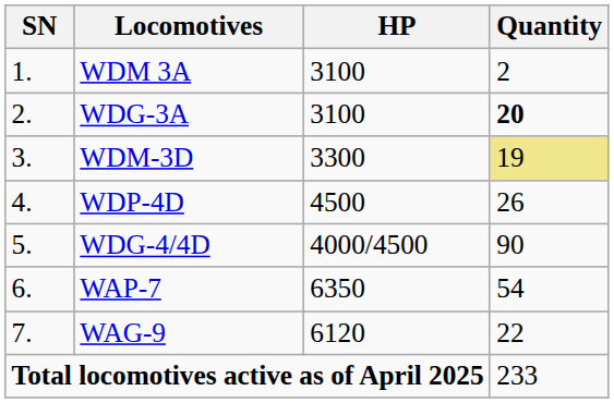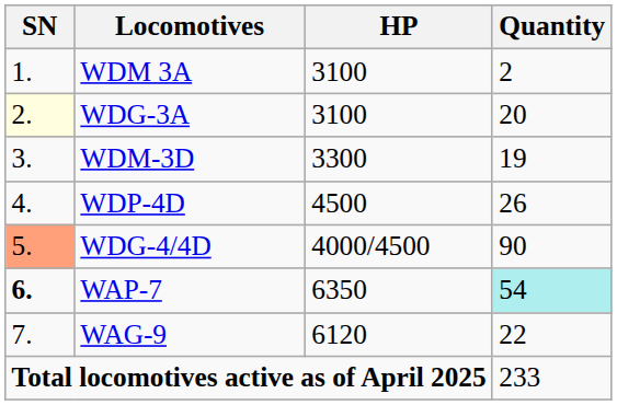 <table class="wikitable">
 <tr>
 <th>SN</th>
 <th>Locomotives</th>
 <th>HP</th>
 <th>Quantity</th>
 </tr>
 <tr>
 <td>1.</td>
 <td><a href='#'>WDM 3A</a></td>
 <td>3100</td>
 <td>2</td>
 </tr>
 <tr>
-<td>2.</td>
+<td style="background: lightyellow;">2.</td>
 <td><a href='#'>WDG-3A</a></td>
 <td>3100</td>
-<td><strong>20</strong></td>
+<td>20</td>
 </tr>
 <tr>
 <td>3.</td>
 <td><a href='#'>WDM-3D</a></td>
 <td>3300</td>
-<td style="background: khaki;">19</td>
+<td>19</td>
 </tr>
 <tr>
 <td>4.</td>
 <td><a href='#'>WDP-4D</a></td>
 <td>4500</td>
 <td>26</td>
 </tr>
 <tr>
-<td>5.</td>
+<td style="background: lightsalmon;">5.</td>
 <td><a href='#'>WDG-4/4D</a></td>
 <td>4000/4500</td>
 <td>90</td>
 </tr>
 <tr>
-<td>6.</td>
+<td><strong>6.</strong></td>
 <td><a href='#'>WAP-7</a></td>
 <td>6350</td>
-<td>54</td>
+<td style="background: paleturquoise;">54</td>
 </tr>
 <tr>
 <td>7.</td>
 <td><a href='#'>WAG-9</a></td>
 <td>6120</td>
 <td>22</td>
 </tr>
 <tr>
 <td colspan="3"><strong>Total locomotives active as of April 2025</strong></td>
 <td>233</td>
 </tr>
 </table>
